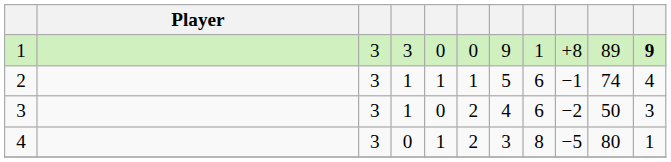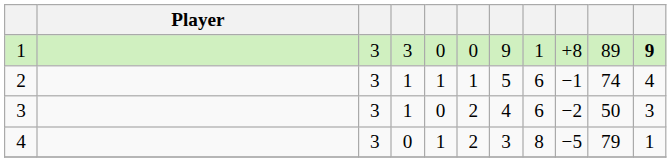 <table class="wikitable" style="text-align:center;">
 <tr>
 <th width=20></th>
 <th width=260>Player</th>
 <th width=20></th>
 <th width=20></th>
 <th width=20></th>
 <th width=20></th>
 <th width=20></th>
 <th width=20></th>
 <th width=20></th>
 <th width=30></th>
 <th width=20></th>
 </tr>
 <tr style="background:#D0F0C0;">
 <td>1</td>
 <td align=left> <small></small></td>
 <td>3</td>
 <td>3</td>
 <td>0</td>
 <td>0</td>
 <td>9</td>
 <td>1</td>
 <td>+8</td>
 <td>89</td>
 <td><strong>9</strong></td>
 </tr>
 <tr>
 <td>2</td>
 <td align=left> <small></small></td>
 <td>3</td>
 <td>1</td>
 <td>1</td>
 <td>1</td>
 <td>5</td>
 <td>6</td>
 <td>−1</td>
 <td>74</td>
 <td>4</td>
 </tr>
 <tr>
 <td>3</td>
 <td align=left> <small></small></td>
 <td>3</td>
 <td>1</td>
 <td>0</td>
 <td>2</td>
 <td>4</td>
 <td>6</td>
 <td>−2</td>
 <td>50</td>
 <td>3</td>
 </tr>
 <tr>
 <td>4</td>
 <td align=left> <small></small></td>
 <td>3</td>
 <td>0</td>
 <td>1</td>
 <td>2</td>
 <td>3</td>
 <td>8</td>
 <td>−5</td>
-<td>80</td>
+<td>79</td>
 <td>1</td>
 </tr>
 <tr>
 </tr>
 </table>
